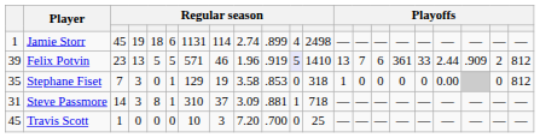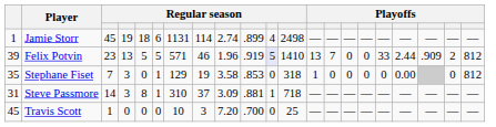 <table class="wikitable plainrowheaders" style="text-align:center;">
 <tr>
 <th scope="col" rowspan="2"></th>
 <th scope="col" rowspan="2">Player</th>
 <th scope=colgroup colspan=10>Regular season</th>
 <th scope=colgroup colspan=9>Playoffs</th>
 </tr>
 <tr>
 <th scope="col"></th>
 <th scope="col"></th>
 <th scope="col"></th>
 <th scope="col"></th>
 <th scope="col"></th>
 <th scope="col"></th>
 <th scope="col"></th>
 <th scope="col"></th>
 <th scope="col"></th>
 <th scope="col"></th>
 <th scope="col"></th>
 <th scope="col"></th>
 <th scope="col"></th>
 <th scope="col"></th>
 <th scope="col"></th>
 <th scope="col"></th>
 <th scope="col"></th>
 <th scope="col"></th>
 <th scope="col"></th>
 </tr>
 <tr>
 <td scope="row">1</td>
 <td align="left"><a href='#'>Jamie Storr</a></td>
 <td>45</td>
 <td>19</td>
 <td>18</td>
 <td>6</td>
 <td>1131</td>
 <td>114</td>
 <td>2.74</td>
 <td>.899</td>
 <td>4</td>
 <td>2498</td>
 <td>—</td>
 <td>—</td>
 <td>—</td>
 <td>—</td>
 <td>—</td>
 <td>—</td>
 <td>—</td>
 <td>—</td>
 <td>—</td>
 </tr>
 <tr>
 <td scope="row">39</td>
 <td align="left"><a href='#'>Felix Potvin</a></td>
 <td>23</td>
 <td>13</td>
 <td>5</td>
 <td>5</td>
 <td>571</td>
 <td>46</td>
 <td>1.96</td>
 <td>.919</td>
 <td style="background: lavender;">5</td>
 <td>1410</td>
 <td>13</td>
 <td>7</td>
-<td>6</td>
-<td>361</td>
+<td>0</td>
+<td>0</td>
 <td>33</td>
 <td>2.44</td>
 <td>.909</td>
 <td>2</td>
 <td>812</td>
 </tr>
 <tr>
 <td scope="row">35</td>
 <td align="left"><a href='#'>Stephane Fiset</a></td>
 <td>7</td>
 <td>3</td>
 <td>0</td>
 <td>1</td>
 <td>129</td>
 <td>19</td>
 <td>3.58</td>
 <td>.853</td>
 <td>0</td>
 <td>318</td>
 <td>1</td>
 <td>0</td>
 <td>0</td>
 <td>0</td>
 <td>0</td>
 <td>0.00</td>
 <td style="background:#ccc"></td>
 <td>0</td>
 <td>812</td>
 </tr>
 <tr>
 <td scope="row">31</td>
 <td align="left"><a href='#'>Steve Passmore</a></td>
 <td>14</td>
 <td>3</td>
 <td>8</td>
 <td>1</td>
 <td>310</td>
 <td>37</td>
 <td>3.09</td>
 <td>.881</td>
 <td>1</td>
 <td>718</td>
 <td>—</td>
 <td>—</td>
 <td>—</td>
 <td>—</td>
 <td>—</td>
 <td>—</td>
 <td>—</td>
 <td>—</td>
 <td>—</td>
 </tr>
 <tr>
 <td scope="row">45</td>
 <td align="left"><a href='#'>Travis Scott</a></td>
 <td>1</td>
 <td>0</td>
 <td>0</td>
 <td>0</td>
 <td>10</td>
 <td>3</td>
 <td>7.20</td>
 <td>.700</td>
 <td>0</td>
 <td>25</td>
 <td>—</td>
 <td>—</td>
 <td>—</td>
 <td>—</td>
 <td>—</td>
 <td>—</td>
 <td>—</td>
 <td>—</td>
 <td>—</td>
 </tr>
 </table>
